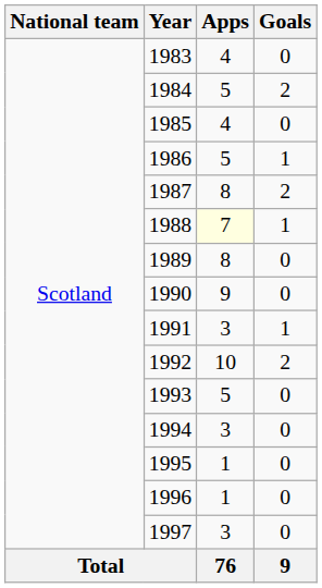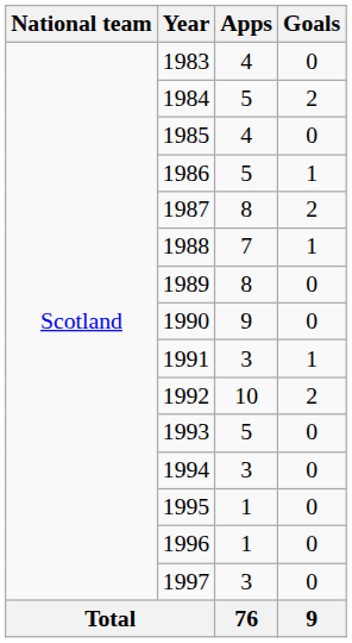 <table class="wikitable" style="text-align:center">
 <tr>
 <th>National team</th>
 <th>Year</th>
 <th>Apps</th>
 <th>Goals</th>
 </tr>
 <tr>
 <td rowspan="15"><a href='#'>Scotland</a></td>
 <td>1983</td>
 <td>4</td>
 <td>0</td>
 </tr>
 <tr>
 <td>1984</td>
 <td>5</td>
 <td>2</td>
 </tr>
 <tr>
 <td>1985</td>
 <td>4</td>
 <td>0</td>
 </tr>
 <tr>
 <td>1986</td>
 <td>5</td>
 <td>1</td>
 </tr>
 <tr>
 <td>1987</td>
 <td>8</td>
 <td>2</td>
 </tr>
 <tr>
 <td>1988</td>
-<td style="background: lightyellow;">7</td>
+<td>7</td>
 <td>1</td>
 </tr>
 <tr>
 <td>1989</td>
 <td>8</td>
 <td>0</td>
 </tr>
 <tr>
 <td>1990</td>
 <td>9</td>
 <td>0</td>
 </tr>
 <tr>
 <td>1991</td>
 <td>3</td>
 <td>1</td>
 </tr>
 <tr>
 <td>1992</td>
 <td>10</td>
 <td>2</td>
 </tr>
 <tr>
 <td>1993</td>
 <td>5</td>
 <td>0</td>
 </tr>
 <tr>
 <td>1994</td>
 <td>3</td>
 <td>0</td>
 </tr>
 <tr>
 <td>1995</td>
 <td>1</td>
 <td>0</td>
 </tr>
 <tr>
 <td>1996</td>
 <td>1</td>
 <td>0</td>
 </tr>
 <tr>
 <td>1997</td>
 <td>3</td>
 <td>0</td>
 </tr>
 <tr>
 <th colspan="2">Total</th>
 <th>76</th>
 <th>9</th>
 </tr>
 </table>
